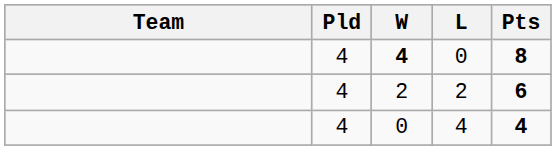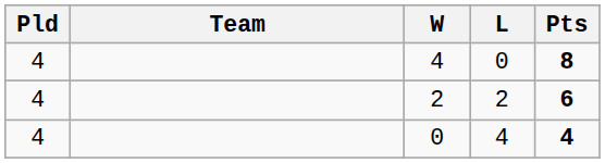 <table class=wikitable style="text-align:center">
 <tr>
+<th width=30>Pld</th>
 <th width=180>Team</th>
-<th width=30>Pld</th>
 <th width=30>W</th>
 <th width=30>L</th>
 <th width=30>Pts</th>
 </tr>
 <tr>
+<td>4</td>
 <td align="left"></td>
 <td>4</td>
-<td><strong>4</strong></td>
 <td>0</td>
 <td><strong>8</strong></td>
 </tr>
 <tr>
+<td>4</td>
 <td align="left"></td>
-<td>4</td>
 <td>2</td>
 <td>2</td>
 <td><strong>6</strong></td>
 </tr>
 <tr>
+<td>4</td>
 <td align="left"></td>
-<td>4</td>
 <td>0</td>
 <td>4</td>
 <td><strong>4</strong></td>
 </tr>
 </table>
